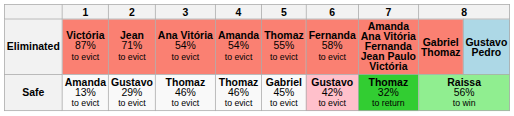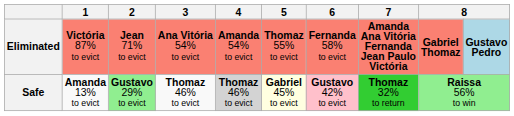 <table class="wikitable" style="text-align:center; font-size:85%; line-height:13px;">
 <tr>
 <th></th>
 <th>1</th>
 <th>2</th>
 <th>3</th>
 <th>4</th>
 <th>5</th>
 <th>6</th>
 <th>7</th>
 <th colspan=2>8</th>
 </tr>
 <tr>
 <th>Eliminated</th>
 <td rowspan=1 bgcolor="FA8072"><strong>Victória</strong><br>87%<small><br>to evict</small></td>
 <td rowspan=1 bgcolor="FA8072"><strong>Jean</strong><br>71%<small><br>to evict</small></td>
 <td rowspan=1 bgcolor="FA8072"><strong>Ana Vitória</strong><br>54%<small><br>to evict</small></td>
 <td rowspan=1 bgcolor="FA8072"><strong>Amanda</strong><br>54%<small><br>to evict</small></td>
 <td rowspan=1 bgcolor="FA8072"><strong>Thomaz</strong><br>55%<small><br>to evict</small></td>
 <td rowspan=1 bgcolor="FA8072"><strong>Fernanda</strong><br>58%<small><br>to evict</small></td>
 <td rowspan=1 bgcolor="FA8072"><strong>Amanda<br>Ana Vitória<br>Fernanda<br>Jean Paulo<br>Victória</strong></td>
 <td rowspan=1 bgcolor="FA8072"><strong>Gabriel<br>Thomaz</strong></td>
 <td style="background:lightblue;"><strong>Gustavo<br>Pedro</strong></td>
 </tr>
 <tr>
 <th>Safe</th>
 <td rowspan=1><strong>Amanda</strong><br>13%<small><br>to evict</small></td>
-<td rowspan=1><strong>Gustavo</strong><br>29%<small><br>to evict</small></td>
+<td rowspan=1 style="background: lightgreen;"><strong>Gustavo</strong><br>29%<small><br>to evict</small></td>
 <td rowspan=1><strong>Thomaz</strong><br>46%<small><br>to evict</small></td>
-<td><strong>Thomaz</strong><br>46%<small><br>to evict</small></td>
-<td><strong>Gabriel</strong><br>45%<small><br>to evict</small></td>
+<td style="background: lightgrey;"><strong>Thomaz</strong><br>46%<small><br>to evict</small></td>
+<td style="background: lightyellow;"><strong>Gabriel</strong><br>45%<small><br>to evict</small></td>
 <td style="background: pink;"><strong>Gustavo</strong><br>42%<small><br>to evict</small></td>
 <td bgcolor=limegreen><strong>Thomaz</strong><br>32%<small><br>to return</small></td>
 <td style="background:lightgreen;" colspan=2><strong>Raissa</strong><br>56%<small><br>to win</small></td>
 </tr>
 </table>
